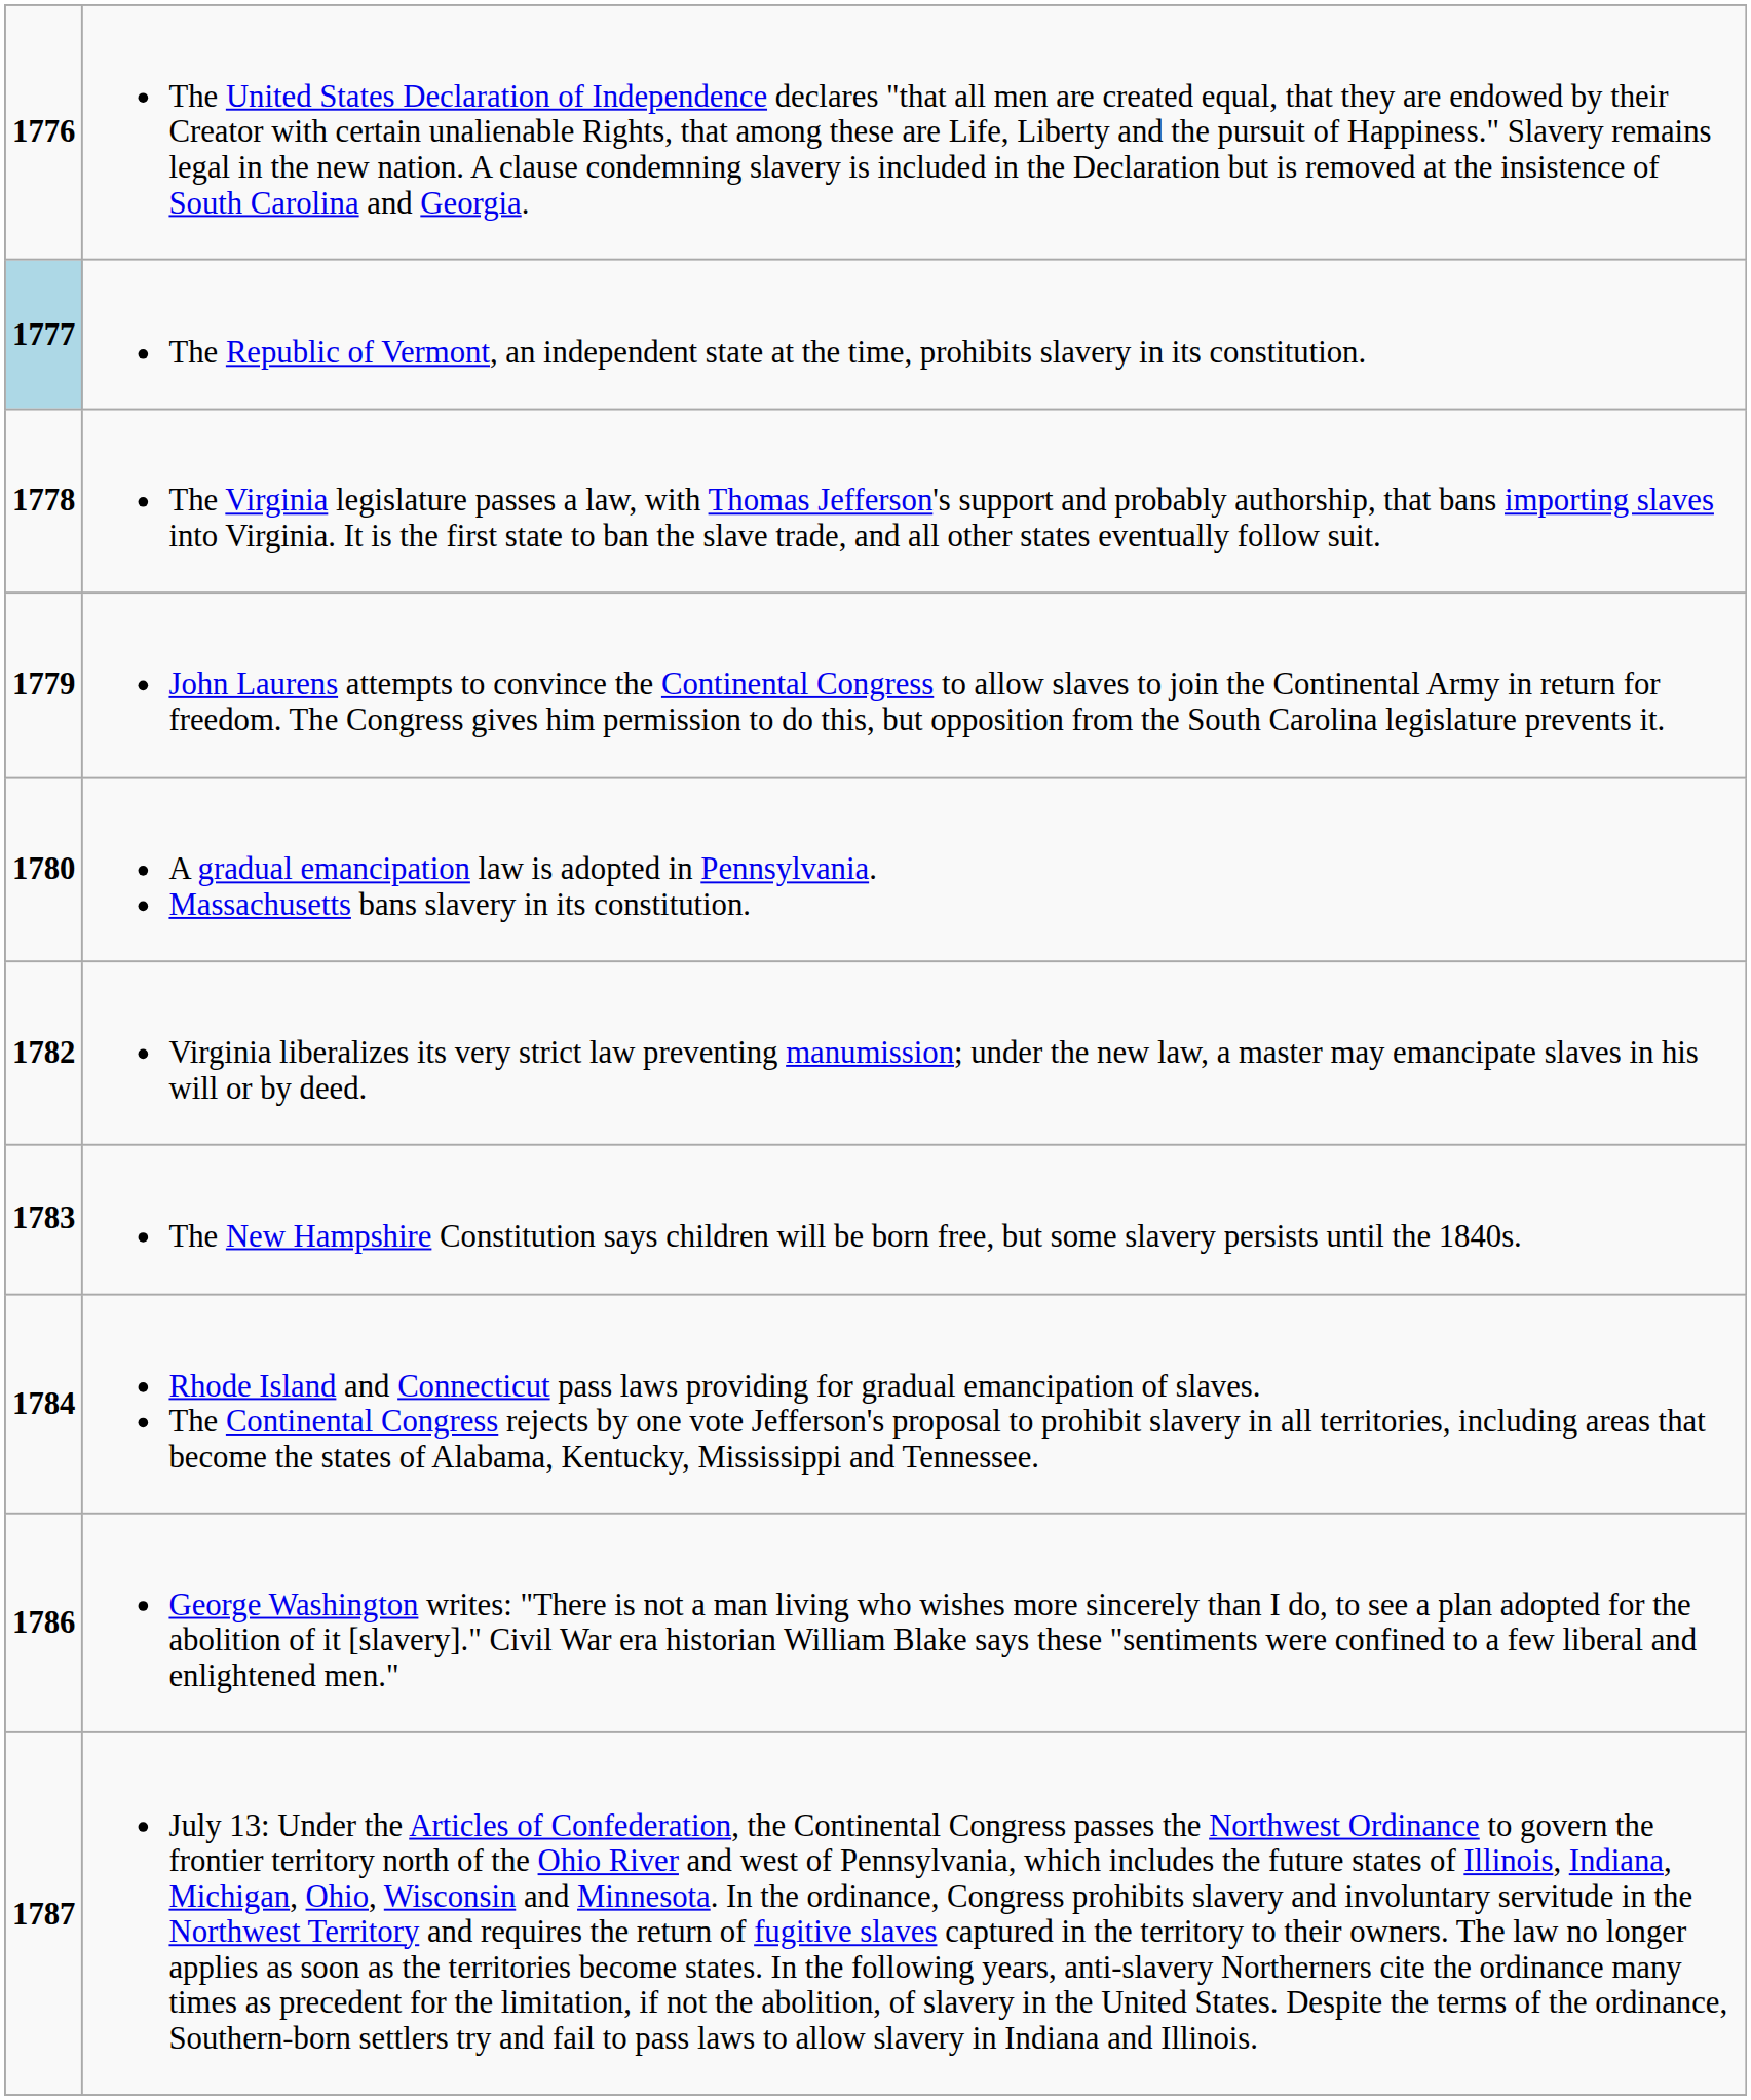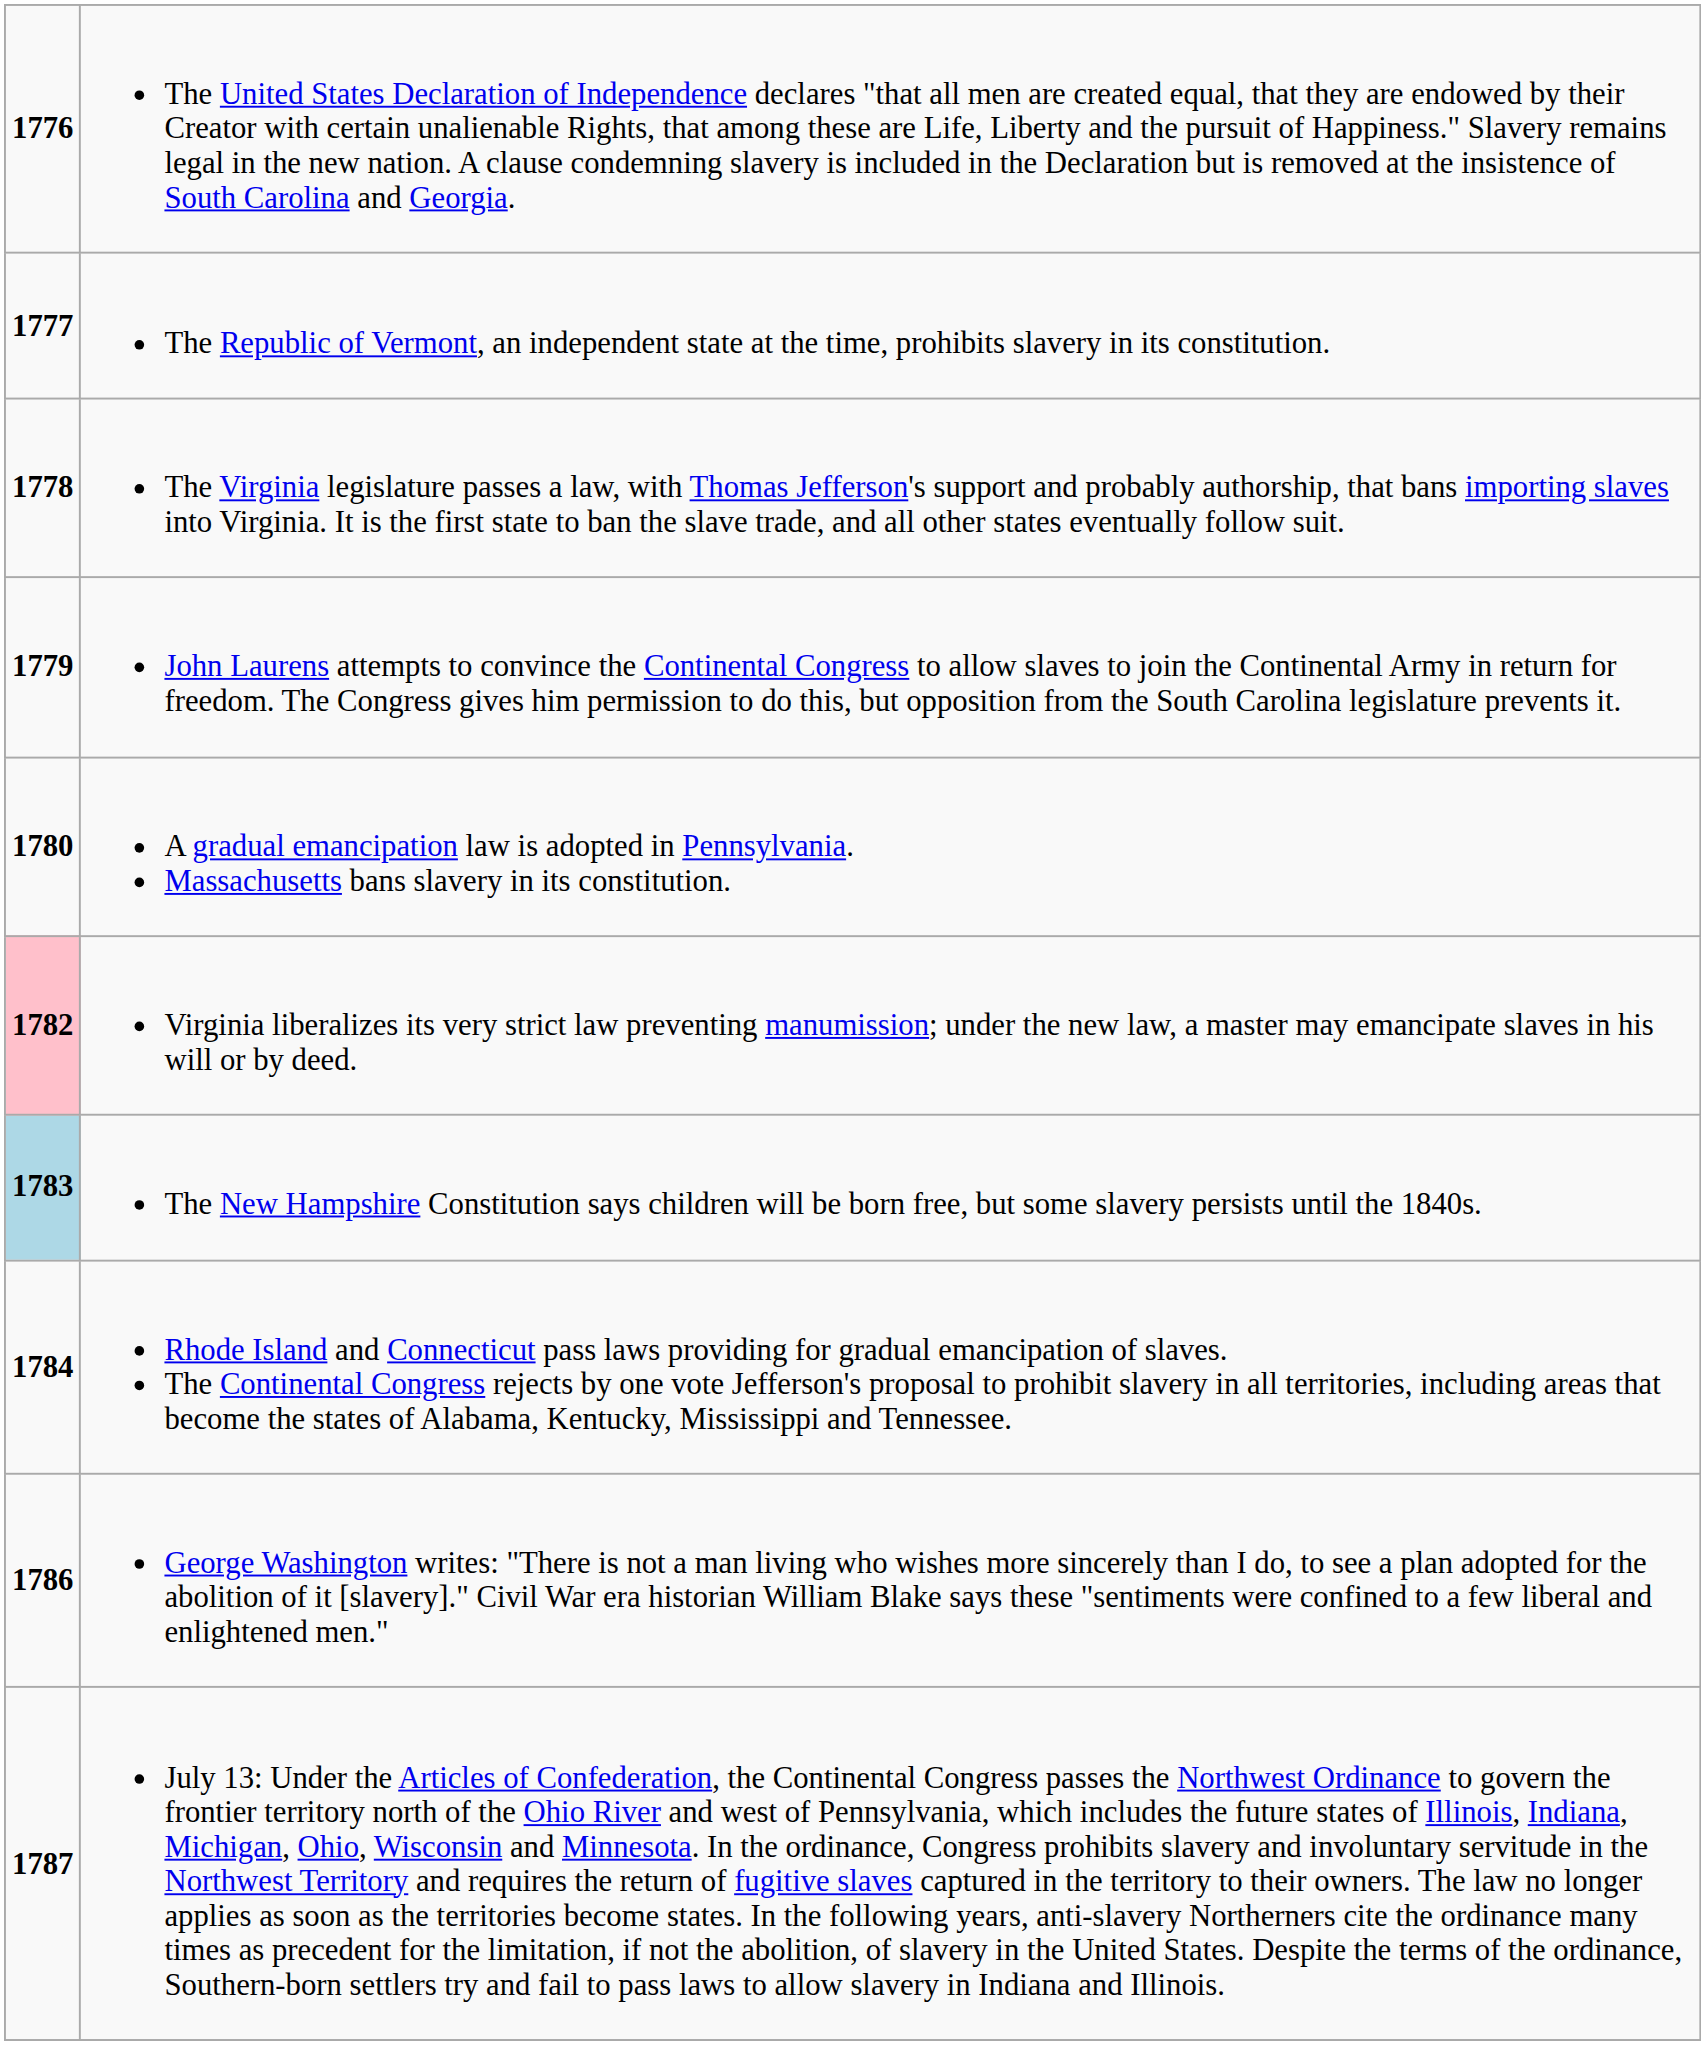 <table class="wikitable" width="100%" border=1 cellpadding=5 cellspacing=0>
 <tr>
 <td valign=center align=right><strong>1776</strong></td>
 <td><br><ul><li>The <a href='#'>United States Declaration of Independence</a> declares "that all men are created equal, that they are endowed by their Creator with certain unalienable Rights, that among these are Life, Liberty and the pursuit of Happiness." Slavery remains legal in the new nation. A clause condemning slavery is included in the Declaration but is removed at the insistence of <a href='#'>South Carolina</a> and <a href='#'>Georgia</a>.</li></ul></td>
 </tr>
 <tr>
-<td valign=center align=right style="background: lightblue;"><strong>1777</strong></td>
+<td valign=center align=right><strong>1777</strong></td>
 <td><br><ul><li>The <a href='#'>Republic of Vermont</a>, an independent state at the time, prohibits slavery in its constitution.</li></ul></td>
 </tr>
 <tr>
 <td valign=center align=right><strong>1778</strong></td>
 <td><br><ul><li>The <a href='#'>Virginia</a> legislature passes a law, with <a href='#'>Thomas Jefferson</a>'s support and probably authorship, that bans <a href='#'>importing slaves</a> into Virginia. It is the first state to ban the slave trade, and all other states eventually follow suit.</li></ul></td>
 </tr>
 <tr>
 <td valign=center align=right><strong>1779</strong></td>
 <td><br><ul><li><a href='#'>John Laurens</a> attempts to convince the <a href='#'>Continental Congress</a> to allow slaves to join the Continental Army in return for freedom. The Congress gives him permission to do this, but opposition from the South Carolina legislature prevents it.</li></ul></td>
 </tr>
 <tr>
 <td valign=center align=right><strong>1780</strong></td>
 <td><br><ul><li>A <a href='#'>gradual emancipation</a> law is adopted in <a href='#'>Pennsylvania</a>.</li><li><a href='#'>Massachusetts</a> bans slavery in its constitution.</li></ul></td>
 </tr>
 <tr>
-<td valign=center align=right><strong>1782</strong></td>
+<td valign=center align=right style="background: pink;"><strong>1782</strong></td>
 <td><br><ul><li>Virginia liberalizes its very strict law preventing <a href='#'>manumission</a>; under the new law, a master may emancipate slaves in his will or by deed.</li></ul></td>
 </tr>
 <tr>
-<td valign=center align=right><strong>1783</strong></td>
+<td valign=center align=right style="background: lightblue;"><strong>1783</strong></td>
 <td><br><ul><li>The <a href='#'>New Hampshire</a> Constitution says children will be born free, but some slavery persists until the 1840s.</li></ul></td>
 </tr>
 <tr>
 <td valign=center align=right><strong>1784</strong></td>
 <td><br><ul><li><a href='#'>Rhode Island</a> and <a href='#'>Connecticut</a> pass laws providing for gradual emancipation of slaves.</li><li>The <a href='#'>Continental Congress</a> rejects by one vote Jefferson's proposal to prohibit slavery in all territories, including areas that become the states of Alabama, Kentucky, Mississippi and Tennessee.</li></ul></td>
 </tr>
 <tr>
 <td valign=center align=right><strong>1786</strong></td>
 <td><br><ul><li><a href='#'>George Washington</a> writes: "There is not a man living who wishes more sincerely than I do, to see a plan adopted for the abolition of it [slavery]."  Civil War era historian William Blake says these "sentiments were confined to a few liberal and enlightened men."</li></ul></td>
 </tr>
 <tr>
 <td valign=center align=right><strong>1787</strong></td>
 <td><br><ul><li>July 13: Under the <a href='#'>Articles of Confederation</a>, the Continental Congress passes the <a href='#'>Northwest Ordinance</a> to govern the frontier territory north of the <a href='#'>Ohio River</a> and west of Pennsylvania, which includes the future states of <a href='#'>Illinois</a>, <a href='#'>Indiana</a>, <a href='#'>Michigan</a>, <a href='#'>Ohio</a>, <a href='#'>Wisconsin</a> and <a href='#'>Minnesota</a>. In the ordinance, Congress prohibits slavery and involuntary servitude in the <a href='#'>Northwest Territory</a> and requires the return of <a href='#'>fugitive slaves</a> captured in the territory to their owners. The law no longer applies as soon as the territories become states. In the following years, anti-slavery Northerners cite the ordinance many times as precedent for the limitation, if not the abolition, of slavery in the United States. Despite the terms of the ordinance, Southern-born settlers try and fail to pass laws to allow slavery in Indiana and Illinois.</li></ul></td>
 </tr>
 <tr>
 </tr>
 </table>
